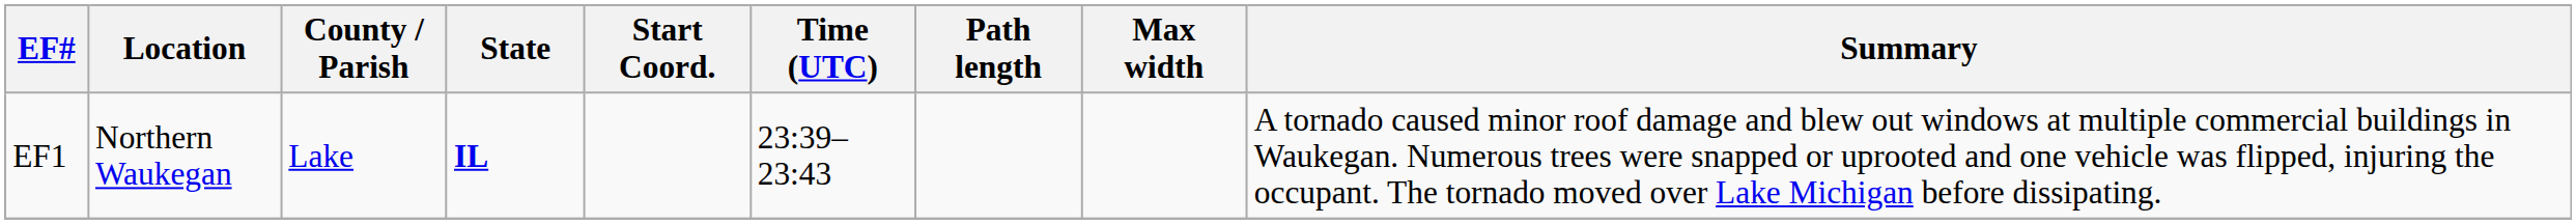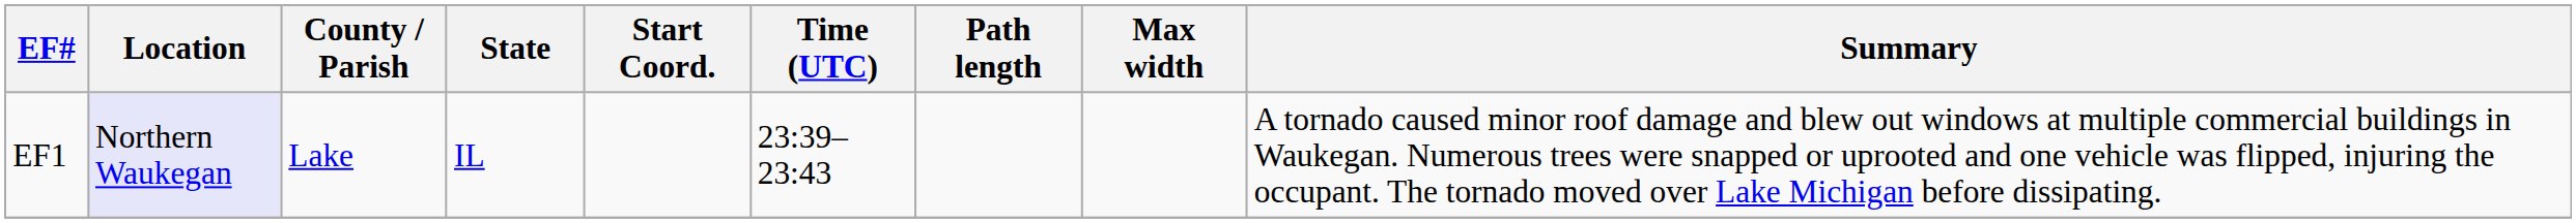 <table class="wikitable sortable" style="width:100%;">
 <tr>
 <th scope="col"  style="width:3%; text-align:center;"><a href='#'>EF#</a></th>
 <th scope="col"  style="width:7%; text-align:center;" class="unsortable">Location</th>
 <th scope="col"  style="width:6%; text-align:center;" class="unsortable">County / Parish</th>
 <th scope="col"  style="width:5%; text-align:center;">State</th>
 <th scope="col"  style="width:6%; text-align:center;">Start Coord.</th>
 <th scope="col"  style="width:6%; text-align:center;">Time (<a href='#'>UTC</a>)</th>
 <th scope="col"  style="width:6%; text-align:center;">Path length</th>
 <th scope="col"  style="width:6%; text-align:center;">Max width</th>
 <th scope="col" class="unsortable" style="width:48%; text-align:center;">Summary</th>
 </tr>
 <tr>
 <td bgcolor=>EF1</td>
-<td>Northern <a href='#'>Waukegan</a></td>
+<td style="background: lavender;">Northern <a href='#'>Waukegan</a></td>
 <td><a href='#'>Lake</a></td>
-<td><strong><a href='#'>IL</a></strong></td>
+<td><a href='#'>IL</a></td>
 <td></td>
 <td>23:39–23:43</td>
 <td></td>
 <td></td>
 <td>A tornado caused minor roof damage and blew out windows at multiple commercial buildings in Waukegan. Numerous trees were snapped or uprooted and one vehicle was flipped, injuring the occupant. The tornado moved over <a href='#'>Lake Michigan</a> before dissipating.</td>
 </tr>
 <tr>
 </tr>
 </table>
